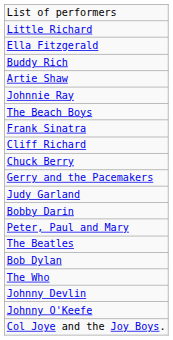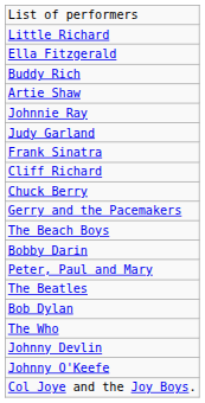 <table class="wikitable">
 <tr>
 <td>List of performers</td>
 </tr>
 <tr>
 <td><a href='#'>Little Richard</a></td>
 </tr>
 <tr>
 <td><a href='#'>Ella Fitzgerald</a></td>
 </tr>
 <tr>
 <td><a href='#'>Buddy Rich</a></td>
 </tr>
 <tr>
 <td><a href='#'>Artie Shaw</a></td>
 </tr>
 <tr>
 <td><a href='#'>Johnnie Ray</a></td>
 </tr>
 <tr>
-<td><a href='#'>The Beach Boys</a></td>
+<td><a href='#'>Judy Garland</a></td>
 </tr>
 <tr>
 <td><a href='#'>Frank Sinatra</a></td>
 </tr>
 <tr>
 <td><a href='#'>Cliff Richard</a></td>
 </tr>
 <tr>
 <td><a href='#'>Chuck Berry</a></td>
 </tr>
 <tr>
 <td><a href='#'>Gerry and the Pacemakers</a></td>
 </tr>
 <tr>
-<td><a href='#'>Judy Garland</a></td>
+<td><a href='#'>The Beach Boys</a></td>
 </tr>
 <tr>
 <td><a href='#'>Bobby Darin</a></td>
 </tr>
 <tr>
 <td><a href='#'>Peter, Paul and Mary</a></td>
 </tr>
 <tr>
 <td><a href='#'>The Beatles</a></td>
 </tr>
 <tr>
 <td><a href='#'>Bob Dylan</a></td>
 </tr>
 <tr>
 <td><a href='#'>The Who</a></td>
 </tr>
 <tr>
 <td><a href='#'>Johnny Devlin</a></td>
 </tr>
 <tr>
 <td><a href='#'>Johnny O'Keefe</a></td>
 </tr>
 <tr>
 <td><a href='#'>Col Joye</a> and the <a href='#'>Joy Boys</a>.</td>
 </tr>
 </table>
